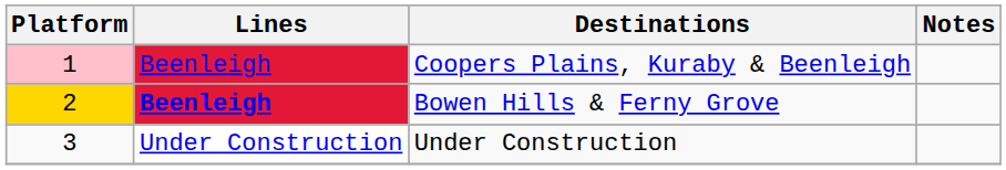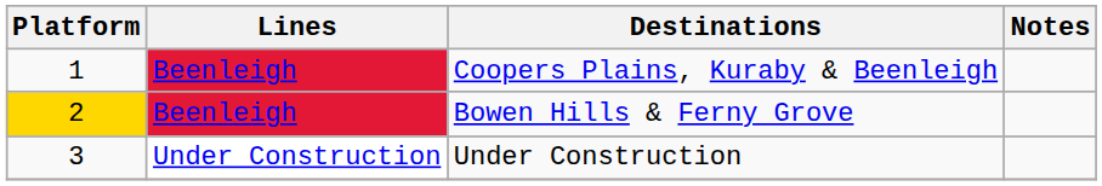 <table class="wikitable" style="float: none; margin: 0.5em; ">
 <tr>
 <th>Platform</th>
 <th>Lines</th>
 <th>Destinations</th>
 <th>Notes</th>
 </tr>
 <tr>
-<td rowspan="1" style="background: pink; text-align:center;">1</td>
+<td rowspan="1" style="text-align:center;">1</td>
 <td style=background:#E31836><a href='#'><span>Beenleigh</span></a></td>
 <td><a href='#'>Coopers Plains</a>, <a href='#'>Kuraby</a> & <a href='#'>Beenleigh</a></td>
 <td></td>
 </tr>
 <tr>
 <td rowspan="1" style="background: gold; text-align:center;">2</td>
-<td style=background:#E31836><strong><a href='#'><span>Beenleigh</span></a></strong></td>
+<td style=background:#E31836><a href='#'><span>Beenleigh</span></a></td>
 <td><a href='#'>Bowen Hills</a> & <a href='#'>Ferny Grove</a></td>
 <td></td>
 </tr>
 <tr>
 <td rowspan="1" style="text-align:center;">3</td>
 <td style=background:#FFFFFF><a href='#'><span>Under Construction</span></a></td>
 <td>Under Construction</td>
 <td></td>
 </tr>
 <tr>
 </tr>
 </table>
